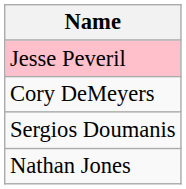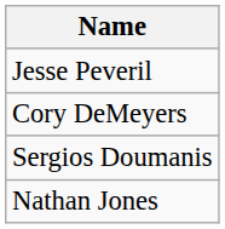 <table class="wikitable">
 <tr>
 <th>Name</th>
 </tr>
 <tr>
-<td style="background: pink;"> Jesse Peveril</td>
+<td> Jesse Peveril</td>
 </tr>
 <tr>
 <td> Cory DeMeyers</td>
 </tr>
 <tr>
 <td> Sergios Doumanis</td>
 </tr>
 <tr>
 <td> Nathan Jones</td>
 </tr>
 </table>
